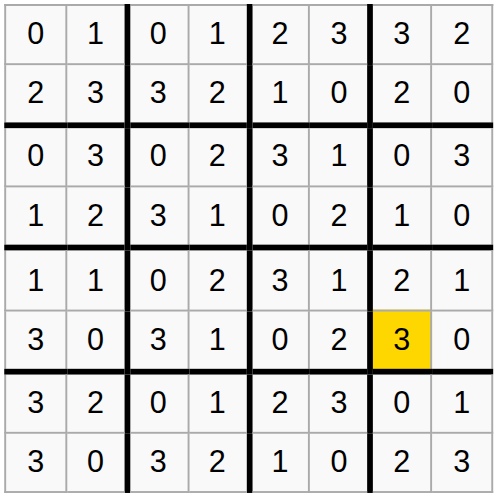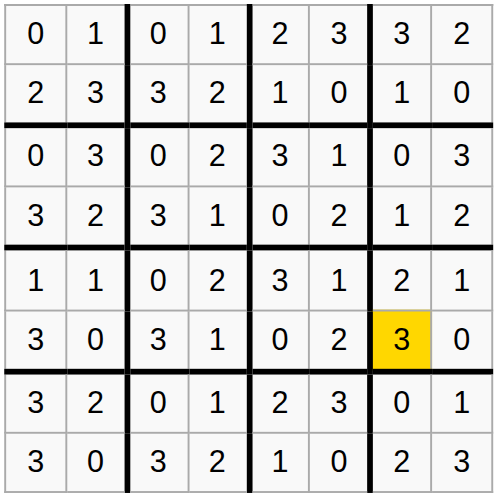 <table class="wikitable" style="margin-left:auto;margin-right:auto;text-align:center;width:16em;height:16em;table-layout:fixed;">
 <tr>
 </tr>
 <tr>
 <td>0</td>
 <td style="border-right:solid">1</td>
 <td>0</td>
 <td style="border-right:solid">1</td>
 <td>2</td>
 <td style="border-right:solid">3</td>
 <td>3</td>
 <td>2</td>
 </tr>
 <tr>
 <td>2</td>
 <td style="border-right:solid">3</td>
 <td>3</td>
 <td style="border-right:solid">2</td>
 <td>1</td>
 <td style="border-right:solid">0</td>
-<td>2</td>
+<td>1</td>
 <td>0</td>
 </tr>
 <tr>
 <td style="border-top:solid">0</td>
 <td style="border-right:solid; border-top:solid">3</td>
 <td style="border-top:solid">0</td>
 <td style="border-right:solid; border-top:solid">2</td>
 <td style="border-top:solid">3</td>
 <td style="border-top:solid; border-right:solid">1</td>
 <td style="border-top:solid">0</td>
 <td style="border-top:solid">3</td>
 </tr>
 <tr>
-<td>1</td>
+<td>3</td>
 <td style="border-right:solid">2</td>
 <td>3</td>
 <td style="border-right:solid">1</td>
 <td>0</td>
 <td style="border-right:solid">2</td>
 <td>1</td>
-<td>0</td>
+<td>2</td>
 </tr>
 <tr>
 <td style="border-top:solid">1</td>
 <td style="border-right:solid; border-top:solid ">1</td>
 <td style="border-top:solid">0</td>
 <td style="border-right:solid; border-top:solid">2</td>
 <td style="border-top:solid">3</td>
 <td style="border-top:solid; border-right:solid">1</td>
 <td style="border-top:solid">2</td>
 <td style="border-top:solid">1</td>
 </tr>
 <tr>
 <td>3</td>
 <td style="border-right:solid">0</td>
 <td>3</td>
 <td style="border-right:solid">1</td>
 <td>0</td>
 <td style="border-right:solid">2</td>
 <td style="background: gold;">3</td>
 <td>0</td>
 </tr>
 <tr>
 <td style="border-top:solid">3</td>
 <td style="border-right:solid; border-top:solid ">2</td>
 <td style="border-top:solid">0</td>
 <td style="border-right:solid; border-top:solid">1</td>
 <td style="border-top:solid">2</td>
 <td style="border-top:solid; border-right:solid">3</td>
 <td style="border-top:solid">0</td>
 <td style="border-top:solid">1</td>
 </tr>
 <tr>
 <td>3</td>
 <td style="border-right:solid">0</td>
 <td>3</td>
 <td style="border-right:solid">2</td>
 <td>1</td>
 <td style="border-right:solid">0</td>
 <td>2</td>
 <td>3</td>
 </tr>
 </table>
